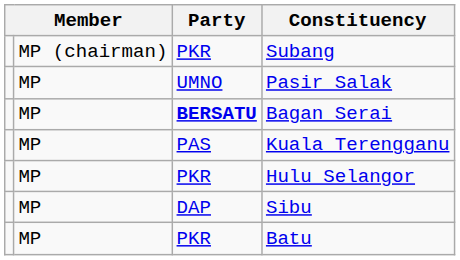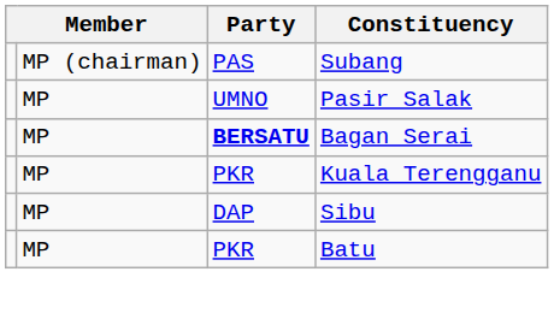 <table class="sortable wikitable">
 <tr>
 <th colspan="2" valign="top">Member</th>
 <th valign="top">Party</th>
 <th valign="top">Constituency</th>
 </tr>
 <tr>
 <td></td>
 <td> MP (chairman)</td>
-<td><a href='#'>PKR</a></td>
+<td><a href='#'>PAS</a></td>
 <td><a href='#'>Subang</a></td>
 </tr>
 <tr>
 <td></td>
 <td> MP</td>
 <td><a href='#'>UMNO</a></td>
 <td><a href='#'>Pasir Salak</a></td>
 </tr>
 <tr>
 <td></td>
 <td> MP</td>
 <td><strong><a href='#'>BERSATU</a></strong></td>
 <td><a href='#'>Bagan Serai</a></td>
 </tr>
 <tr>
 <td></td>
 <td> MP</td>
-<td><a href='#'>PAS</a></td>
+<td><a href='#'>PKR</a></td>
 <td><a href='#'>Kuala Terengganu</a></td>
-</tr>
-<tr>
-<td></td>
-<td> MP</td>
-<td><a href='#'>PKR</a></td>
-<td><a href='#'>Hulu Selangor</a></td>
 </tr>
 <tr>
 <td></td>
 <td> MP</td>
 <td><a href='#'>DAP</a></td>
 <td><a href='#'>Sibu</a></td>
 </tr>
 <tr>
 <td></td>
 <td> MP</td>
 <td><a href='#'>PKR</a></td>
 <td><a href='#'>Batu</a></td>
 </tr>
 </table>
